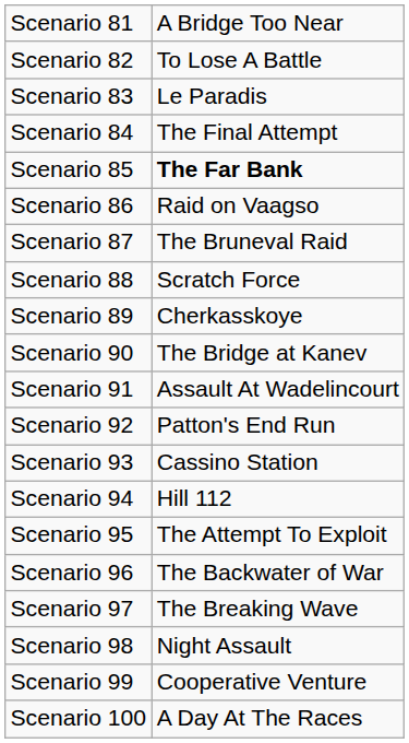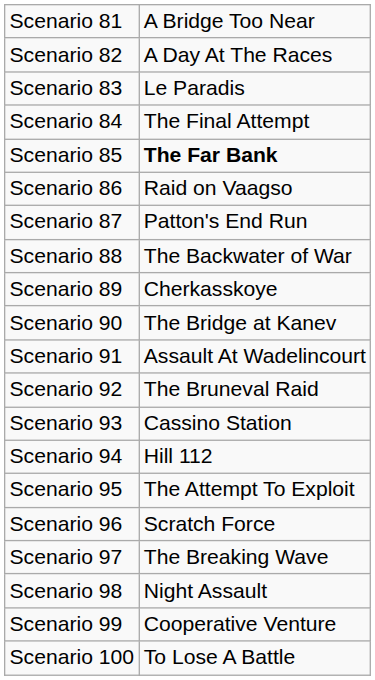 <table class="wikitable">
 <tr>
 <td>Scenario 81</td>
 <td>A Bridge Too Near</td>
 </tr>
 <tr>
 <td>Scenario 82</td>
-<td>To Lose A Battle</td>
+<td>A Day At The Races</td>
 </tr>
 <tr>
 <td>Scenario 83</td>
 <td>Le Paradis</td>
 </tr>
 <tr>
 <td>Scenario 84</td>
 <td>The Final Attempt</td>
 </tr>
 <tr>
 <td>Scenario 85</td>
 <td><strong>The Far Bank</strong></td>
 </tr>
 <tr>
 <td>Scenario 86</td>
 <td>Raid on Vaagso</td>
 </tr>
 <tr>
 <td>Scenario 87</td>
-<td>The Bruneval Raid</td>
+<td>Patton's End Run</td>
 </tr>
 <tr>
 <td>Scenario 88</td>
-<td>Scratch Force</td>
+<td>The Backwater of War</td>
 </tr>
 <tr>
 <td>Scenario 89</td>
 <td>Cherkasskoye</td>
 </tr>
 <tr>
 <td>Scenario 90</td>
 <td>The Bridge at Kanev</td>
 </tr>
 <tr>
 <td>Scenario 91</td>
 <td>Assault At Wadelincourt</td>
 </tr>
 <tr>
 <td>Scenario 92</td>
-<td>Patton's End Run</td>
+<td>The Bruneval Raid</td>
 </tr>
 <tr>
 <td>Scenario 93</td>
 <td>Cassino Station</td>
 </tr>
 <tr>
 <td>Scenario 94</td>
 <td>Hill 112</td>
 </tr>
 <tr>
 <td>Scenario 95</td>
 <td>The Attempt To Exploit</td>
 </tr>
 <tr>
 <td>Scenario 96</td>
-<td>The Backwater of War</td>
+<td>Scratch Force</td>
 </tr>
 <tr>
 <td>Scenario 97</td>
 <td>The Breaking Wave</td>
 </tr>
 <tr>
 <td>Scenario 98</td>
 <td>Night Assault</td>
 </tr>
 <tr>
 <td>Scenario 99</td>
 <td>Cooperative Venture</td>
 </tr>
 <tr>
 <td>Scenario 100</td>
-<td>A Day At The Races</td>
+<td>To Lose A Battle</td>
 </tr>
 </table>
